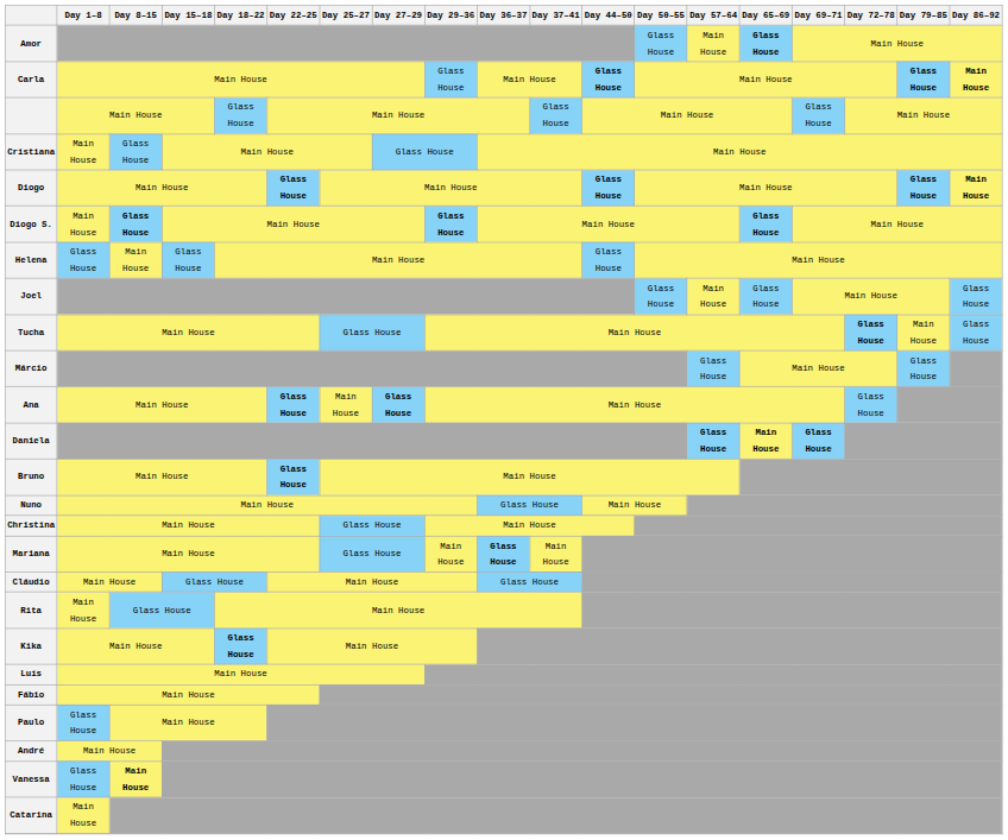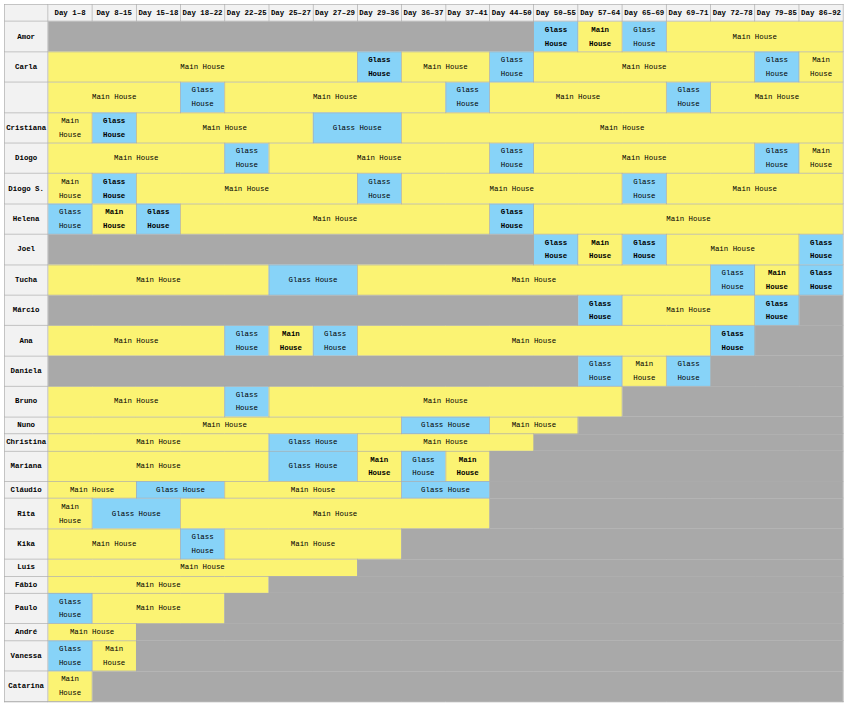 <table class="wikitable" style="text-align:center; font-size:85%; line-height:20px;">
 <tr>
 <th></th>
 <th style="width:80px;">Day 1–8</th>
 <th style="width:80px;">Day 8–15</th>
 <th style="width:80px;">Day 15–18</th>
 <th style="width:80px;">Day 18–22</th>
 <th style="width:80px;">Day 22–25</th>
 <th style="width:80px;">Day 25–27</th>
 <th style="width:80px;">Day 27–29</th>
 <th style="width:80px;">Day 29–36</th>
 <th style="width:80px;">Day 36–37</th>
 <th style="width:80px;">Day 37–41</th>
 <th style="width:80px;">Day 44–50</th>
 <th style="width:80px;">Day 50–55</th>
 <th style="width:80px;">Day 57–64</th>
 <th style="width:80px;">Day 65–69</th>
 <th style="width:80px;">Day 69–71</th>
 <th style="width:80px;">Day 72–78</th>
 <th style="width:80px;">Day 79–85</th>
 <th style="width:80px;">Day 86–92</th>
 </tr>
 <tr>
 <th>Amor</th>
 <td colspan="11" bgcolor="A9A9A9"></td>
+<td bgcolor="#87D3F8"><strong>Glass House</strong></td>
+<td bgcolor="#FBF373"><strong>Main House</strong></td>
 <td bgcolor="#87D3F8">Glass House</td>
-<td bgcolor="#FBF373">Main House</td>
-<td bgcolor="#87D3F8"><strong>Glass House</strong></td>
 <td colspan="4" bgcolor="#FBF373">Main House</td>
 </tr>
 <tr>
 <th>Carla</th>
 <td colspan="7" bgcolor="#FBF373">Main House</td>
+<td bgcolor="#87D3F8"><strong>Glass House</strong></td>
+<td colspan="2" bgcolor="#FBF373">Main House</td>
 <td bgcolor="#87D3F8">Glass House</td>
-<td colspan="2" bgcolor="#FBF373">Main House</td>
-<td bgcolor="#87D3F8"><strong>Glass House</strong></td>
 <td colspan="5" bgcolor="#FBF373">Main House</td>
-<td bgcolor="#87D3F8"><strong>Glass House</strong></td>
-<td colspan="1" bgcolor="#FBF373"><strong>Main House</strong></td>
+<td bgcolor="#87D3F8">Glass House</td>
+<td colspan="1" bgcolor="#FBF373">Main House</td>
 </tr>
 <tr>
 <th nowrap></th>
 <td colspan="3" bgcolor="#FBF373">Main House</td>
 <td bgcolor="#87D3F8">Glass House</td>
 <td colspan="5" bgcolor="#FBF373">Main House</td>
 <td bgcolor="#87D3F8">Glass House</td>
 <td colspan="4" bgcolor="#FBF373">Main House</td>
 <td bgcolor="#87D3F8">Glass House</td>
 <td colspan="3" bgcolor="#FBF373">Main House</td>
 </tr>
 <tr>
 <th>Cristiana</th>
 <td bgcolor="#FBF373">Main House</td>
-<td bgcolor="#87D3F8">Glass House</td>
+<td bgcolor="#87D3F8"><strong>Glass House</strong></td>
 <td colspan="4" bgcolor="#FBF373">Main House</td>
 <td colspan="2" bgcolor="#87D3F8">Glass House</td>
 <td colspan="10" bgcolor="#FBF373">Main House</td>
 </tr>
 <tr>
 <th>Diogo</th>
 <td colspan="4" bgcolor="#FBF373">Main House</td>
-<td bgcolor="#87D3F8"><strong>Glass House</strong></td>
+<td bgcolor="#87D3F8">Glass House</td>
 <td colspan="5" bgcolor="#FBF373">Main House</td>
-<td bgcolor="#87D3F8"><strong>Glass House</strong></td>
+<td bgcolor="#87D3F8">Glass House</td>
 <td colspan="5" bgcolor="#FBF373">Main House</td>
-<td bgcolor="#87D3F8"><strong>Glass House</strong></td>
-<td colspan="1" bgcolor="#FBF373"><strong>Main House</strong></td>
+<td bgcolor="#87D3F8">Glass House</td>
+<td colspan="1" bgcolor="#FBF373">Main House</td>
 </tr>
 <tr>
 <th>Diogo S.</th>
 <td bgcolor="#FBF373">Main House</td>
 <td bgcolor="#87D3F8"><strong>Glass House</strong></td>
 <td colspan="5" bgcolor="#FBF373">Main House</td>
-<td bgcolor="#87D3F8"><strong>Glass House</strong></td>
+<td bgcolor="#87D3F8">Glass House</td>
 <td colspan="5" bgcolor="#FBF373">Main House</td>
-<td bgcolor="#87D3F8"><strong>Glass House</strong></td>
+<td bgcolor="#87D3F8">Glass House</td>
 <td colspan="4" bgcolor="#FBF373">Main House</td>
 </tr>
 <tr>
 <th>Helena</th>
 <td bgcolor="#87D3F8">Glass House</td>
-<td bgcolor="#FBF373">Main House</td>
-<td bgcolor="#87D3F8">Glass House</td>
+<td bgcolor="#FBF373"><strong>Main House</strong></td>
+<td bgcolor="#87D3F8"><strong>Glass House</strong></td>
 <td colspan="7" bgcolor="#FBF373">Main House</td>
-<td bgcolor="#87D3F8">Glass House</td>
+<td bgcolor="#87D3F8"><strong>Glass House</strong></td>
 <td colspan="7" bgcolor="#FBF373">Main House</td>
 </tr>
 <tr>
 <th>Joel</th>
 <td colspan="11" bgcolor="A9A9A9"></td>
-<td bgcolor="#87D3F8">Glass House</td>
-<td bgcolor="#FBF373">Main House</td>
-<td bgcolor="#87D3F8">Glass House</td>
+<td bgcolor="#87D3F8"><strong>Glass House</strong></td>
+<td bgcolor="#FBF373"><strong>Main House</strong></td>
+<td bgcolor="#87D3F8"><strong>Glass House</strong></td>
 <td colspan="3" bgcolor="#FBF373">Main House</td>
-<td bgcolor="#87D3F8">Glass House</td>
+<td bgcolor="#87D3F8"><strong>Glass House</strong></td>
 </tr>
 <tr>
 <th>Tucha</th>
 <td colspan="5" bgcolor="#FBF373">Main House</td>
 <td colspan="2" bgcolor="#87D3F8">Glass House</td>
 <td colspan="8" bgcolor="#FBF373">Main House</td>
+<td bgcolor="#87D3F8">Glass House</td>
+<td bgcolor="#FBF373"><strong>Main House</strong></td>
 <td bgcolor="#87D3F8"><strong>Glass House</strong></td>
-<td bgcolor="#FBF373">Main House</td>
-<td bgcolor="#87D3F8">Glass House</td>
 </tr>
 <tr>
 <th>Márcio</th>
 <td colspan="12" bgcolor="A9A9A9"></td>
-<td bgcolor="#87D3F8">Glass House</td>
+<td bgcolor="#87D3F8"><strong>Glass House</strong></td>
 <td colspan="3" bgcolor="#FBF373">Main House</td>
-<td bgcolor="#87D3F8">Glass House</td>
+<td bgcolor="#87D3F8"><strong>Glass House</strong></td>
 <td bgcolor="A9A9A9"></td>
 </tr>
 <tr>
 <th>Ana</th>
 <td colspan="4" bgcolor="#FBF373">Main House</td>
+<td bgcolor="#87D3F8">Glass House</td>
+<td bgcolor="#FBF373"><strong>Main House</strong></td>
+<td bgcolor="#87D3F8">Glass House</td>
+<td colspan="8" bgcolor="#FBF373">Main House</td>
 <td bgcolor="#87D3F8"><strong>Glass House</strong></td>
-<td bgcolor="#FBF373">Main House</td>
-<td bgcolor="#87D3F8"><strong>Glass House</strong></td>
-<td colspan="8" bgcolor="#FBF373">Main House</td>
-<td bgcolor="#87D3F8">Glass House</td>
 <td colspan="2" bgcolor="A9A9A9"></td>
 </tr>
 <tr>
 <th>Daniela</th>
 <td colspan="12" bgcolor="A9A9A9"></td>
-<td bgcolor="#87D3F8"><strong>Glass House</strong></td>
-<td bgcolor="#FBF373"><strong>Main House</strong></td>
-<td bgcolor="#87D3F8"><strong>Glass House</strong></td>
+<td bgcolor="#87D3F8">Glass House</td>
+<td bgcolor="#FBF373">Main House</td>
+<td bgcolor="#87D3F8">Glass House</td>
 <td colspan="3" bgcolor="A9A9A9"></td>
 </tr>
 <tr>
 <th>Bruno</th>
 <td colspan="4" bgcolor="#FBF373">Main House</td>
-<td bgcolor="#87D3F8"><strong>Glass House</strong></td>
+<td bgcolor="#87D3F8">Glass House</td>
 <td colspan="8" bgcolor="#FBF373">Main House</td>
 <td colspan="5" bgcolor="A9A9A9"></td>
 </tr>
 <tr>
 <th>Nuno</th>
 <td colspan="8" bgcolor="#FBF373">Main House</td>
 <td colspan="2" bgcolor="#87D3F8">Glass House</td>
 <td colspan="2" bgcolor="#FBF373">Main House</td>
 <td colspan="6" bgcolor="A9A9A9"></td>
 </tr>
 <tr>
 <th>Christina</th>
 <td colspan="5" bgcolor="#FBF373">Main House</td>
 <td colspan="2" bgcolor="#87D3F8">Glass House</td>
 <td colspan="4" bgcolor="#FBF373">Main House</td>
 <td colspan="7" bgcolor="A9A9A9"></td>
 </tr>
 <tr>
 <th>Mariana</th>
 <td colspan="5" bgcolor="#FBF373">Main House</td>
 <td colspan="2" bgcolor="#87D3F8">Glass House</td>
-<td bgcolor="#FBF373">Main House</td>
-<td bgcolor="#87D3F8"><strong>Glass House</strong></td>
-<td bgcolor="#FBF373">Main House</td>
+<td bgcolor="#FBF373"><strong>Main House</strong></td>
+<td bgcolor="#87D3F8">Glass House</td>
+<td bgcolor="#FBF373"><strong>Main House</strong></td>
 <td colspan="8" bgcolor="A9A9A9"></td>
 </tr>
 <tr>
 <th>Cláudio</th>
 <td colspan="2" bgcolor="#FBF373">Main House</td>
 <td colspan="2" bgcolor="#87D3F8">Glass House</td>
 <td colspan="4" bgcolor="#FBF373">Main House</td>
 <td colspan="2" bgcolor="#87D3F8">Glass House</td>
 <td colspan="8" bgcolor="A9A9A9"></td>
 </tr>
 <tr>
 <th>Rita</th>
 <td bgcolor="#FBF373">Main House</td>
 <td colspan="2" bgcolor="#87D3F8">Glass House</td>
 <td colspan="7" bgcolor="#FBF373">Main House</td>
 <td colspan="8" bgcolor="A9A9A9"></td>
 </tr>
 <tr>
 <th>Kika</th>
 <td colspan="3" bgcolor="#FBF373">Main House</td>
-<td bgcolor="#87D3F8"><strong>Glass House</strong></td>
+<td bgcolor="#87D3F8">Glass House</td>
 <td colspan="4" bgcolor="#FBF373">Main House</td>
 <td colspan="10" bgcolor="A9A9A9"></td>
 </tr>
 <tr>
 <th>Luís</th>
 <td colspan="7" bgcolor="#FBF373">Main House</td>
 <td colspan="11" bgcolor="A9A9A9"></td>
 </tr>
 <tr>
 <th>Fábio</th>
 <td colspan="5" bgcolor="#FBF373">Main House</td>
 <td colspan="13" bgcolor="A9A9A9"></td>
 </tr>
 <tr>
 <th>Paulo</th>
 <td bgcolor="#87D3F8">Glass House</td>
 <td colspan="3" bgcolor="#FBF373">Main House</td>
 <td colspan="14" bgcolor="A9A9A9"></td>
 </tr>
 <tr>
 <th>André</th>
 <td colspan="2" bgcolor="#FBF373">Main House</td>
 <td colspan="16" bgcolor="A9A9A9"></td>
 </tr>
 <tr>
 <th>Vanessa</th>
 <td bgcolor="#87D3F8">Glass House</td>
-<td bgcolor="#FBF373"><strong>Main House</strong></td>
+<td bgcolor="#FBF373">Main House</td>
 <td colspan="16" bgcolor="A9A9A9"></td>
 </tr>
 <tr>
 <th>Catarina</th>
 <td bgcolor="#FBF373">Main House</td>
 <td colspan="17" bgcolor="A9A9A9"></td>
 </tr>
 <tr>
 </tr>
 </table>
